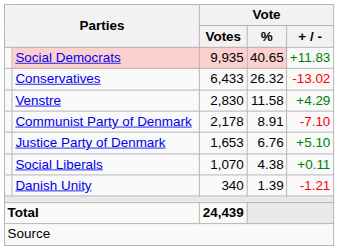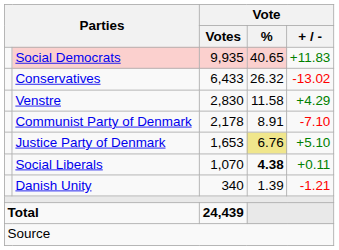 <table class="wikitable" style="text-align:right;">
 <tr>
 <th style="text-align:centre;" rowspan="2" colspan="2" width="225">Parties</th>
 <th colspan="3">Vote</th>
 </tr>
 <tr>
 <th width="15">Votes</th>
 <th width="15">%</th>
 <th width="15">+ / -</th>
 </tr>
 <tr>
 <td width="2" style="color:inherit;background:"></td>
 <td bgcolor=#fbd0ce  align="left"><a href='#'>Social Democrats</a></td>
 <td bgcolor=#fbd0ce>9,935</td>
 <td bgcolor=#fbd0ce>40.65</td>
 <td style=color:green;>+11.83</td>
 </tr>
 <tr>
 <td width="2" style="color:inherit;background:"></td>
 <td align="left"><a href='#'>Conservatives</a></td>
 <td>6,433</td>
 <td>26.32</td>
 <td style=color:red;>-13.02</td>
 </tr>
 <tr>
 <td width="2" style="color:inherit;background:"></td>
 <td align="left"><a href='#'>Venstre</a></td>
 <td>2,830</td>
 <td>11.58</td>
 <td style=color:green;>+4.29</td>
 </tr>
 <tr>
 <td width="2" style="color:inherit;background:"></td>
 <td align="left"><a href='#'>Communist Party of Denmark</a></td>
 <td>2,178</td>
 <td>8.91</td>
 <td style=color:red;>-7.10</td>
 </tr>
 <tr>
 <td width="2" style="color:inherit;background:"></td>
 <td align="left"><a href='#'>Justice Party of Denmark</a></td>
 <td>1,653</td>
-<td>6.76</td>
+<td style="background: khaki;">6.76</td>
 <td style=color:green;>+5.10</td>
 </tr>
 <tr>
 <td width="2" style="color:inherit;background:"></td>
 <td align="left"><a href='#'>Social Liberals</a></td>
 <td>1,070</td>
-<td>4.38</td>
+<td><strong>4.38</strong></td>
 <td style=color:green;>+0.11</td>
 </tr>
 <tr>
 <td width="2" style="color:inherit;background:"></td>
 <td align="left"><a href='#'>Danish Unity</a></td>
 <td>340</td>
 <td>1.39</td>
 <td style=color:red;>-1.21</td>
 </tr>
 <tr>
 <td colspan="7" bgcolor="#E9E9E9"></td>
 </tr>
 <tr>
 <td align="left" colspan="2"><strong>Total</strong></td>
 <td><strong>24,439</strong></td>
 <td bgcolor="#E9E9E9" colspan="2"></td>
 </tr>
 <tr>
 <td align="left" colspan="6">Source</td>
 </tr>
 </table>
